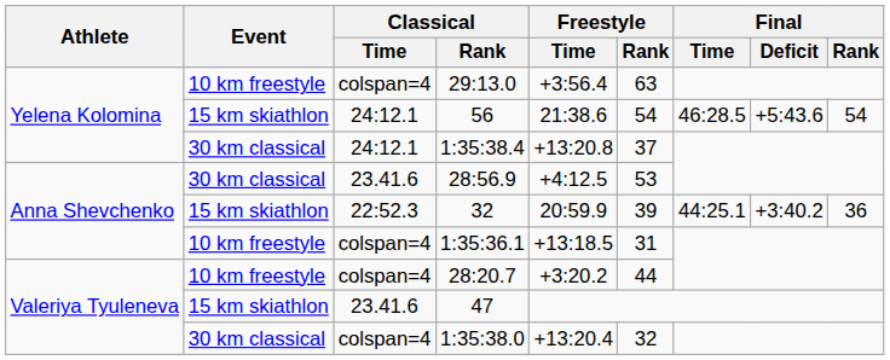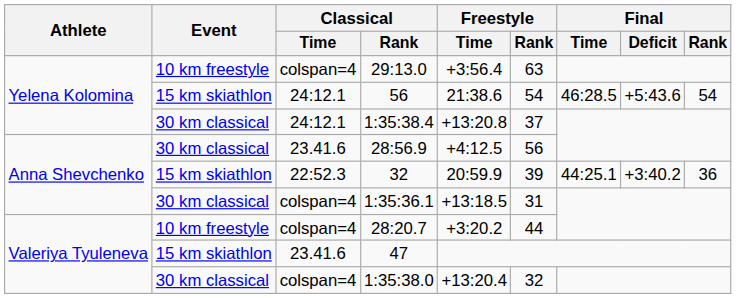 <table class="wikitable" style="font-size:90%">
 <tr>
 <th rowspan=2>Athlete</th>
 <th rowspan=2>Event</th>
 <th colspan=2>Classical</th>
 <th colspan=2>Freestyle</th>
 <th colspan=3>Final</th>
 </tr>
 <tr style="font-size: 95%">
 <th>Time</th>
 <th>Rank</th>
 <th>Time</th>
 <th>Rank</th>
 <th>Time</th>
 <th>Deficit</th>
 <th>Rank</th>
 </tr>
 <tr align=center>
 <td align=left rowspan=3><a href='#'>Yelena Kolomina</a></td>
 <td align=left><a href='#'>10 km freestyle</a></td>
 <td>colspan=4 </td>
 <td>29:13.0</td>
 <td>+3:56.4</td>
 <td>63</td>
 </tr>
 <tr align=center>
 <td align=left><a href='#'>15 km skiathlon</a></td>
 <td>24:12.1</td>
 <td>56</td>
 <td>21:38.6</td>
 <td>54</td>
 <td>46:28.5</td>
 <td>+5:43.6</td>
 <td>54</td>
 </tr>
 <tr align=center>
 <td align=left><a href='#'>30 km classical</a></td>
 <td>24:12.1</td>
 <td>1:35:38.4</td>
 <td>+13:20.8</td>
 <td>37</td>
 </tr>
 <tr align=center>
 <td align=left rowspan=3><a href='#'>Anna Shevchenko</a></td>
 <td align=left><a href='#'>30 km classical</a></td>
 <td>23.41.6</td>
 <td>28:56.9</td>
 <td>+4:12.5</td>
-<td>53</td>
+<td>56</td>
 </tr>
 <tr align=center>
 <td align=left><a href='#'>15 km skiathlon</a></td>
 <td>22:52.3</td>
 <td>32</td>
 <td>20:59.9</td>
 <td>39</td>
 <td>44:25.1</td>
 <td>+3:40.2</td>
 <td>36</td>
 </tr>
 <tr align=center>
-<td align=left><a href='#'>10 km freestyle</a></td>
+<td align=left><a href='#'>30 km classical</a></td>
 <td>colspan=4 </td>
 <td>1:35:36.1</td>
 <td>+13:18.5</td>
 <td>31</td>
 </tr>
 <tr align=center>
 <td align=left rowspan=3><a href='#'>Valeriya Tyuleneva</a></td>
 <td align=left><a href='#'>10 km freestyle</a></td>
 <td>colspan=4 </td>
 <td>28:20.7</td>
 <td>+3:20.2</td>
 <td>44</td>
 </tr>
 <tr align=center>
 <td align=left><a href='#'>15 km skiathlon</a></td>
 <td>23.41.6</td>
 <td>47</td>
 <td colspan=5></td>
 </tr>
 <tr align=center>
 <td align=left><a href='#'>30 km classical</a></td>
 <td>colspan=4 </td>
 <td>1:35:38.0</td>
 <td>+13:20.4</td>
 <td>32</td>
 </tr>
 </table>
